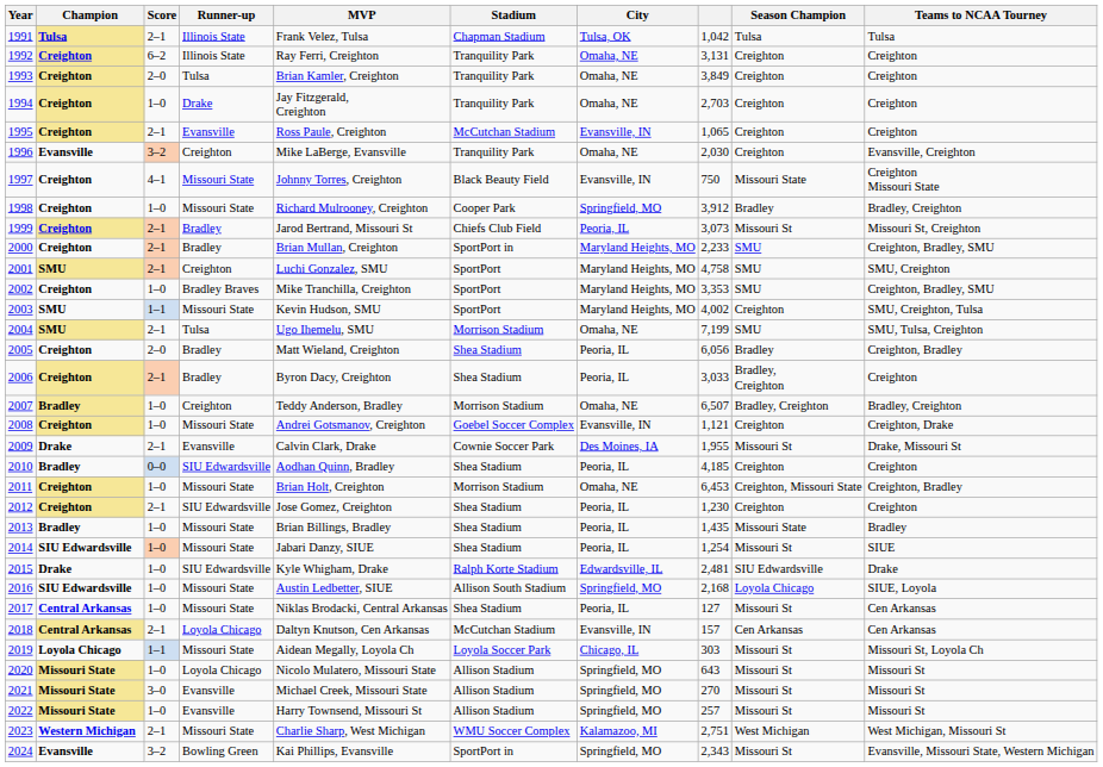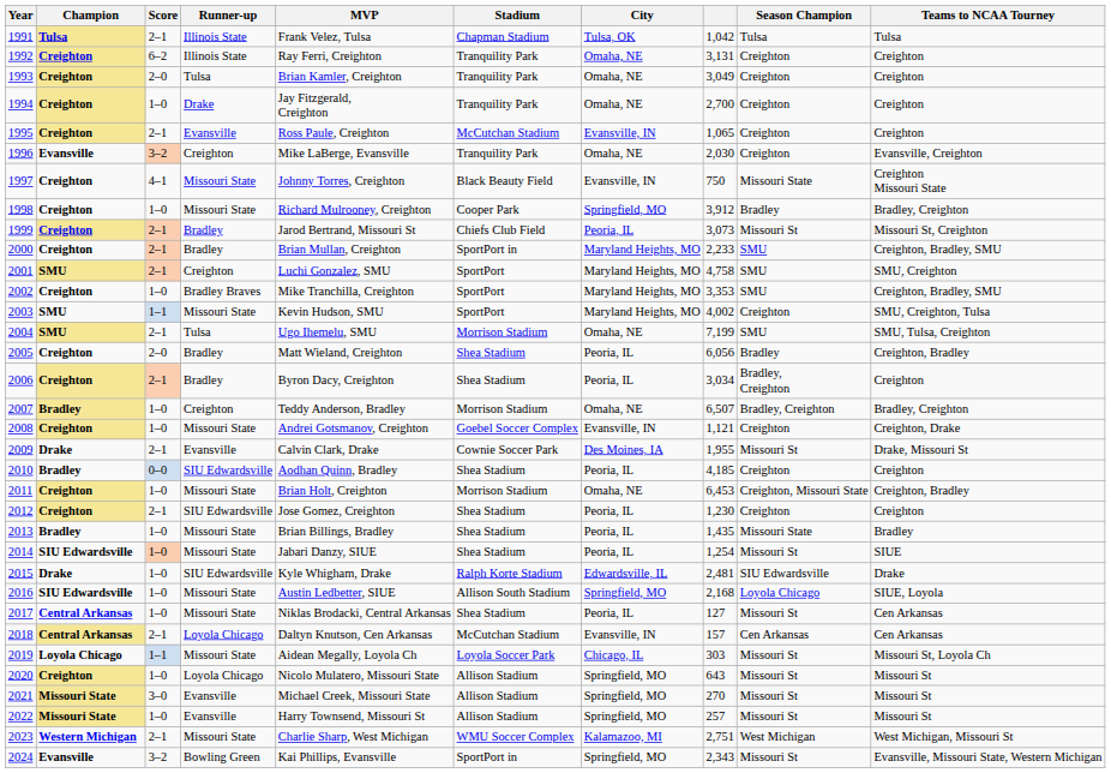 <table class="wikitable" style="text-align:; font-size:90%">
 <tr>
 <th width=px>Year</th>
 <th width=120px>Champion</th>
 <th width=px>Score</th>
 <th width=px>Runner-up</th>
 <th width=px>MVP</th>
 <th width=px>Stadium</th>
 <th width=px>City</th>
 <th width=px></th>
 <th width=px>Season Champion</th>
 <th width=px>Teams to NCAA Tourney</th>
 </tr>
 <tr>
 <td><a href='#'>1991</a></td>
 <td bgcolor=#F6E797><strong><a href='#'>Tulsa</a></strong> </td>
 <td>2–1</td>
 <td><a href='#'>Illinois State</a></td>
 <td>Frank Velez, Tulsa</td>
 <td><a href='#'>Chapman Stadium</a></td>
 <td><a href='#'>Tulsa, OK</a></td>
 <td>1,042</td>
 <td>Tulsa</td>
 <td>Tulsa</td>
 </tr>
 <tr>
 <td><a href='#'>1992</a></td>
 <td bgcolor=#F6E797><strong><a href='#'>Creighton</a></strong> </td>
 <td>6–2</td>
 <td>Illinois State </td>
 <td>Ray Ferri, Creighton</td>
 <td>Tranquility Park</td>
 <td><a href='#'>Omaha, NE</a></td>
 <td>3,131</td>
 <td>Creighton</td>
 <td>Creighton</td>
 </tr>
 <tr>
 <td><a href='#'>1993</a></td>
 <td bgcolor=#F6E797><strong>Creighton</strong> </td>
 <td>2–0</td>
 <td>Tulsa </td>
 <td><a href='#'>Brian Kamler</a>, Creighton</td>
 <td>Tranquility Park</td>
 <td>Omaha, NE</td>
-<td>3,849</td>
+<td>3,049</td>
 <td>Creighton</td>
 <td>Creighton</td>
 </tr>
 <tr>
 <td><a href='#'>1994</a></td>
 <td bgcolor=#F6E797><strong>Creighton</strong> </td>
 <td>1–0</td>
 <td><a href='#'>Drake</a></td>
 <td>Jay Fitzgerald, <br>Creighton</td>
 <td>Tranquility Park</td>
 <td>Omaha, NE</td>
-<td>2,703</td>
+<td>2,700</td>
 <td>Creighton</td>
 <td>Creighton</td>
 </tr>
 <tr>
 <td><a href='#'>1995</a></td>
 <td bgcolor=#F6E797><strong>Creighton</strong> </td>
 <td>2–1</td>
 <td><a href='#'>Evansville</a></td>
 <td><a href='#'>Ross Paule</a>, Creighton</td>
 <td><a href='#'>McCutchan Stadium</a></td>
 <td><a href='#'>Evansville, IN</a></td>
 <td>1,065</td>
 <td>Creighton</td>
 <td>Creighton</td>
 </tr>
 <tr>
 <td><a href='#'>1996</a></td>
 <td><strong>Evansville</strong> </td>
 <td bgcolor=#FBCEB1>3–2 </td>
 <td>Creighton </td>
 <td>Mike LaBerge, Evansville</td>
 <td>Tranquility Park</td>
 <td>Omaha, NE</td>
 <td>2,030</td>
 <td>Creighton</td>
 <td>Evansville, Creighton</td>
 </tr>
 <tr>
 <td><a href='#'>1997</a></td>
 <td><strong>Creighton</strong> </td>
 <td>4–1</td>
 <td><a href='#'>Missouri State</a></td>
 <td><a href='#'>Johnny Torres</a>, Creighton</td>
 <td>Black Beauty Field</td>
 <td>Evansville, IN</td>
 <td>750</td>
 <td>Missouri State</td>
 <td>Creighton<br>Missouri State</td>
 </tr>
 <tr>
 <td><a href='#'>1998</a></td>
 <td><strong>Creighton</strong> </td>
 <td>1–0</td>
 <td>Missouri State </td>
 <td><a href='#'>Richard Mulrooney</a>, Creighton</td>
 <td>Cooper Park</td>
 <td><a href='#'>Springfield, MO</a></td>
 <td>3,912</td>
 <td>Bradley</td>
 <td>Bradley, Creighton</td>
 </tr>
 <tr>
 <td><a href='#'>1999</a></td>
 <td bgcolor=#F6E797><strong><a href='#'>Creighton</a></strong> </td>
 <td bgcolor=#FBCEB1>2–1 </td>
 <td><a href='#'>Bradley</a></td>
 <td>Jarod Bertrand, Missouri St</td>
 <td>Chiefs Club Field</td>
 <td><a href='#'>Peoria, IL</a></td>
 <td>3,073</td>
 <td>Missouri St</td>
 <td>Missouri St, Creighton</td>
 </tr>
 <tr>
 <td><a href='#'>2000</a></td>
 <td><strong>Creighton</strong> </td>
 <td bgcolor=#FBCEB1>2–1 </td>
 <td>Bradley </td>
 <td><a href='#'>Brian Mullan</a>, Creighton</td>
 <td>SportPort in</td>
 <td><a href='#'>Maryland Heights, MO</a></td>
 <td>2,233</td>
 <td><a href='#'>SMU</a></td>
 <td>Creighton, Bradley, SMU</td>
 </tr>
 <tr>
 <td><a href='#'>2001</a></td>
 <td bgcolor=#F6E797><strong>SMU</strong> </td>
 <td bgcolor=#FBCEB1>2–1 </td>
 <td>Creighton </td>
 <td><a href='#'>Luchi Gonzalez</a>, SMU</td>
 <td>SportPort</td>
 <td>Maryland Heights, MO</td>
 <td>4,758</td>
 <td>SMU</td>
 <td>SMU, Creighton</td>
 </tr>
 <tr>
 <td><a href='#'>2002</a></td>
 <td><strong>Creighton</strong> </td>
 <td>1–0</td>
 <td>Bradley Braves</td>
 <td>Mike Tranchilla, Creighton</td>
 <td>SportPort</td>
 <td>Maryland Heights, MO</td>
 <td>3,353</td>
 <td>SMU</td>
 <td>Creighton, Bradley, SMU</td>
 </tr>
 <tr>
 <td><a href='#'>2003</a></td>
 <td><strong>SMU</strong> </td>
 <td bgcolor=#cedff2>1–1 </td>
 <td>Missouri State </td>
 <td>Kevin Hudson, SMU</td>
 <td>SportPort</td>
 <td>Maryland Heights, MO</td>
 <td>4,002</td>
 <td>Creighton</td>
 <td>SMU, Creighton, Tulsa</td>
 </tr>
 <tr>
 <td><a href='#'>2004</a></td>
 <td bgcolor=#F6E797><strong>SMU</strong> </td>
 <td>2–1</td>
 <td>Tulsa </td>
 <td><a href='#'>Ugo Ihemelu</a>, SMU</td>
 <td><a href='#'>Morrison Stadium</a></td>
 <td>Omaha, NE</td>
 <td>7,199</td>
 <td>SMU</td>
 <td>SMU, Tulsa, Creighton</td>
 </tr>
 <tr>
 <td><a href='#'>2005</a></td>
 <td><strong>Creighton</strong> </td>
 <td>2–0</td>
 <td>Bradley </td>
 <td>Matt Wieland, Creighton</td>
 <td><a href='#'>Shea Stadium</a></td>
 <td>Peoria, IL</td>
 <td>6,056</td>
 <td>Bradley</td>
 <td>Creighton, Bradley</td>
 </tr>
 <tr>
 <td><a href='#'>2006</a></td>
 <td bgcolor=#F6E797><strong>Creighton</strong> </td>
 <td bgcolor=#FBCEB1>2–1 </td>
 <td>Bradley </td>
 <td>Byron Dacy, Creighton</td>
 <td>Shea Stadium</td>
 <td>Peoria, IL</td>
-<td>3,033</td>
+<td>3,034</td>
 <td>Bradley, <br>Creighton</td>
 <td>Creighton</td>
 </tr>
 <tr>
 <td><a href='#'>2007</a></td>
 <td bgcolor=#F6E797><strong>Bradley</strong> </td>
 <td>1–0</td>
 <td>Creighton </td>
 <td>Teddy Anderson, Bradley</td>
 <td>Morrison Stadium</td>
 <td>Omaha, NE</td>
 <td>6,507</td>
 <td>Bradley, Creighton</td>
 <td>Bradley, Creighton</td>
 </tr>
 <tr>
 <td><a href='#'>2008</a></td>
 <td bgcolor=#F6E797><strong>Creighton</strong> </td>
 <td>1–0</td>
 <td>Missouri State </td>
 <td><a href='#'>Andrei Gotsmanov</a>, Creighton</td>
 <td><a href='#'>Goebel Soccer Complex</a></td>
 <td>Evansville, IN</td>
 <td>1,121</td>
 <td>Creighton</td>
 <td>Creighton, Drake</td>
 </tr>
 <tr>
 <td><a href='#'>2009</a></td>
 <td><strong>Drake</strong> </td>
 <td>2–1</td>
 <td>Evansville </td>
 <td>Calvin Clark, Drake</td>
 <td>Cownie Soccer Park</td>
 <td><a href='#'>Des Moines, IA</a></td>
 <td>1,955</td>
 <td>Missouri St</td>
 <td>Drake, Missouri St</td>
 </tr>
 <tr>
 <td><a href='#'>2010</a></td>
 <td><strong>Bradley</strong> </td>
 <td bgcolor=#cedff2>0–0 </td>
 <td><a href='#'>SIU Edwardsville</a></td>
 <td><a href='#'>Aodhan Quinn</a>, Bradley</td>
 <td>Shea Stadium</td>
 <td>Peoria, IL</td>
 <td>4,185</td>
 <td>Creighton</td>
 <td>Creighton</td>
 </tr>
 <tr>
 <td><a href='#'>2011</a></td>
 <td bgcolor=#F6E797><strong>Creighton</strong> </td>
 <td>1–0</td>
 <td>Missouri State </td>
 <td><a href='#'>Brian Holt</a>, Creighton</td>
 <td>Morrison Stadium</td>
 <td>Omaha, NE</td>
 <td>6,453</td>
 <td>Creighton, Missouri State</td>
 <td>Creighton, Bradley</td>
 </tr>
 <tr>
 <td><a href='#'>2012</a></td>
 <td bgcolor=#F6E797><strong>Creighton</strong> </td>
 <td>2–1</td>
 <td>SIU Edwardsville </td>
 <td>Jose Gomez, Creighton</td>
 <td>Shea Stadium</td>
 <td>Peoria, IL</td>
 <td>1,230</td>
 <td>Creighton</td>
 <td>Creighton</td>
 </tr>
 <tr>
 <td><a href='#'>2013</a></td>
 <td><strong>Bradley</strong> </td>
 <td>1–0</td>
 <td>Missouri State </td>
 <td>Brian Billings, Bradley</td>
 <td>Shea Stadium</td>
 <td>Peoria, IL</td>
 <td>1,435</td>
 <td>Missouri State</td>
 <td>Bradley</td>
 </tr>
 <tr>
 <td><a href='#'>2014</a></td>
 <td><strong>SIU Edwardsville</strong> </td>
 <td bgcolor=#FBCEB1>1–0 </td>
 <td>Missouri State</td>
 <td>Jabari Danzy, SIUE</td>
 <td>Shea Stadium</td>
 <td>Peoria, IL</td>
 <td>1,254</td>
 <td>Missouri St</td>
 <td>SIUE</td>
 </tr>
 <tr>
 <td><a href='#'>2015</a></td>
 <td><strong>Drake</strong> </td>
 <td>1–0</td>
 <td>SIU Edwardsville</td>
 <td>Kyle Whigham, Drake</td>
 <td><a href='#'>Ralph Korte Stadium</a></td>
 <td><a href='#'>Edwardsville, IL</a></td>
 <td>2,481</td>
 <td>SIU Edwardsville</td>
 <td>Drake</td>
 </tr>
 <tr>
 <td><a href='#'>2016</a></td>
 <td><strong>SIU Edwardsville</strong> </td>
 <td>1–0</td>
 <td>Missouri State</td>
 <td><a href='#'>Austin Ledbetter</a>, SIUE</td>
 <td>Allison South Stadium</td>
 <td><a href='#'>Springfield, MO</a></td>
 <td>2,168</td>
 <td><a href='#'>Loyola Chicago</a></td>
 <td>SIUE, Loyola</td>
 </tr>
 <tr>
 <td><a href='#'>2017</a></td>
 <td><strong><a href='#'>Central Arkansas</a></strong> </td>
 <td>1–0</td>
 <td>Missouri State</td>
 <td>Niklas Brodacki, Central Arkansas</td>
 <td>Shea Stadium</td>
 <td>Peoria, IL</td>
 <td>127</td>
 <td>Missouri St</td>
 <td>Cen Arkansas</td>
 </tr>
 <tr>
 <td><a href='#'>2018</a></td>
 <td bgcolor=#F6E797><strong>Central Arkansas</strong> </td>
 <td>2–1</td>
 <td><a href='#'>Loyola Chicago</a></td>
 <td>Daltyn Knutson, Cen Arkansas</td>
 <td>McCutchan Stadium</td>
 <td>Evansville, IN</td>
 <td>157</td>
 <td>Cen Arkansas</td>
 <td>Cen Arkansas</td>
 </tr>
 <tr>
 <td><a href='#'>2019</a></td>
 <td><strong>Loyola Chicago</strong></td>
 <td bgcolor=#cedff2>1–1 </td>
 <td>Missouri State</td>
 <td>Aidean Megally, Loyola Ch</td>
 <td><a href='#'>Loyola Soccer Park</a></td>
 <td><a href='#'>Chicago, IL</a></td>
 <td>303</td>
 <td>Missouri St</td>
 <td>Missouri St, Loyola Ch</td>
 </tr>
 <tr>
 <td><a href='#'>2020</a></td>
-<td bgcolor=#F6E797><strong>Missouri State</strong> </td>
+<td bgcolor=#F6E797><strong>Creighton</strong> </td>
 <td>1–0</td>
 <td>Loyola Chicago</td>
 <td>Nicolo Mulatero, Missouri State</td>
 <td>Allison Stadium</td>
 <td>Springfield, MO</td>
 <td>643</td>
 <td>Missouri St</td>
 <td>Missouri St</td>
 </tr>
 <tr>
 <td><a href='#'>2021</a></td>
 <td bgcolor=#F6E797><strong>Missouri State</strong> </td>
 <td>3–0</td>
 <td>Evansville</td>
 <td>Michael Creek, Missouri State</td>
 <td>Allison Stadium</td>
 <td>Springfield, MO</td>
 <td>270</td>
 <td>Missouri St</td>
 <td>Missouri St</td>
 </tr>
 <tr>
 <td><a href='#'>2022</a></td>
 <td bgcolor=#F6E797><strong>Missouri State</strong> </td>
 <td>1–0</td>
 <td>Evansville</td>
 <td>Harry Townsend, Missouri St</td>
 <td>Allison Stadium</td>
 <td>Springfield, MO</td>
 <td>257</td>
 <td>Missouri St</td>
 <td>Missouri St</td>
 </tr>
 <tr>
 <td><a href='#'>2023</a></td>
 <td><strong><a href='#'>Western Michigan</a></strong></td>
 <td>2–1</td>
 <td>Missouri State</td>
 <td><a href='#'>Charlie Sharp</a>, West Michigan</td>
 <td><a href='#'>WMU Soccer Complex</a></td>
 <td><a href='#'>Kalamazoo, MI</a></td>
 <td>2,751</td>
 <td>West Michigan</td>
 <td>West Michigan, Missouri St</td>
 </tr>
 <tr>
 <td><a href='#'>2024</a></td>
 <td><strong>Evansville</strong> </td>
 <td>3–2</td>
 <td>Bowling Green</td>
 <td>Kai Phillips, Evansville</td>
 <td>SportPort in</td>
 <td>Springfield, MO</td>
 <td>2,343</td>
 <td>Missouri St</td>
 <td>Evansville, Missouri State, Western Michigan</td>
 </tr>
 </table>
